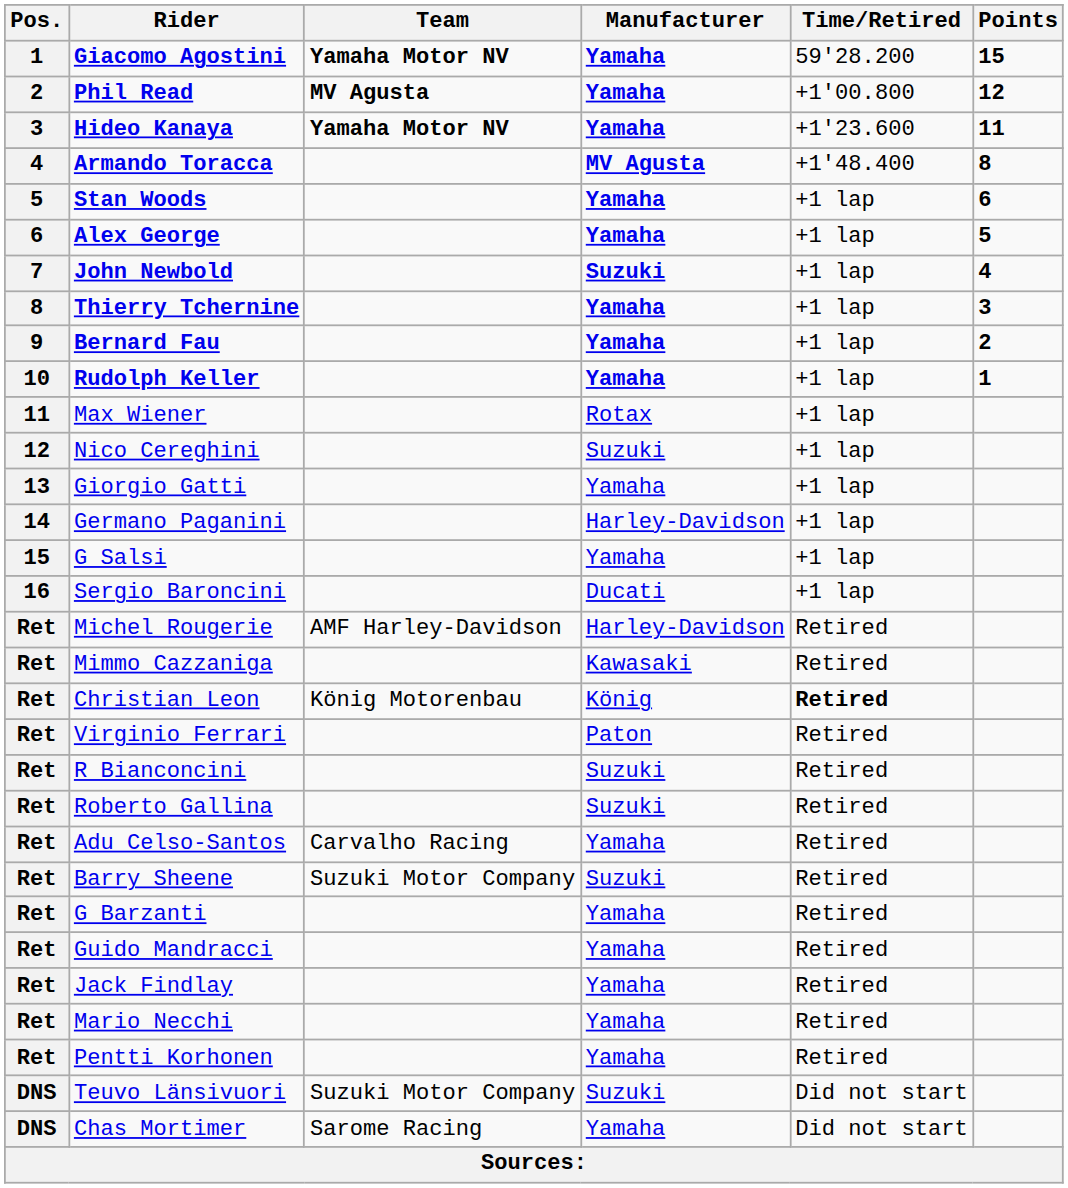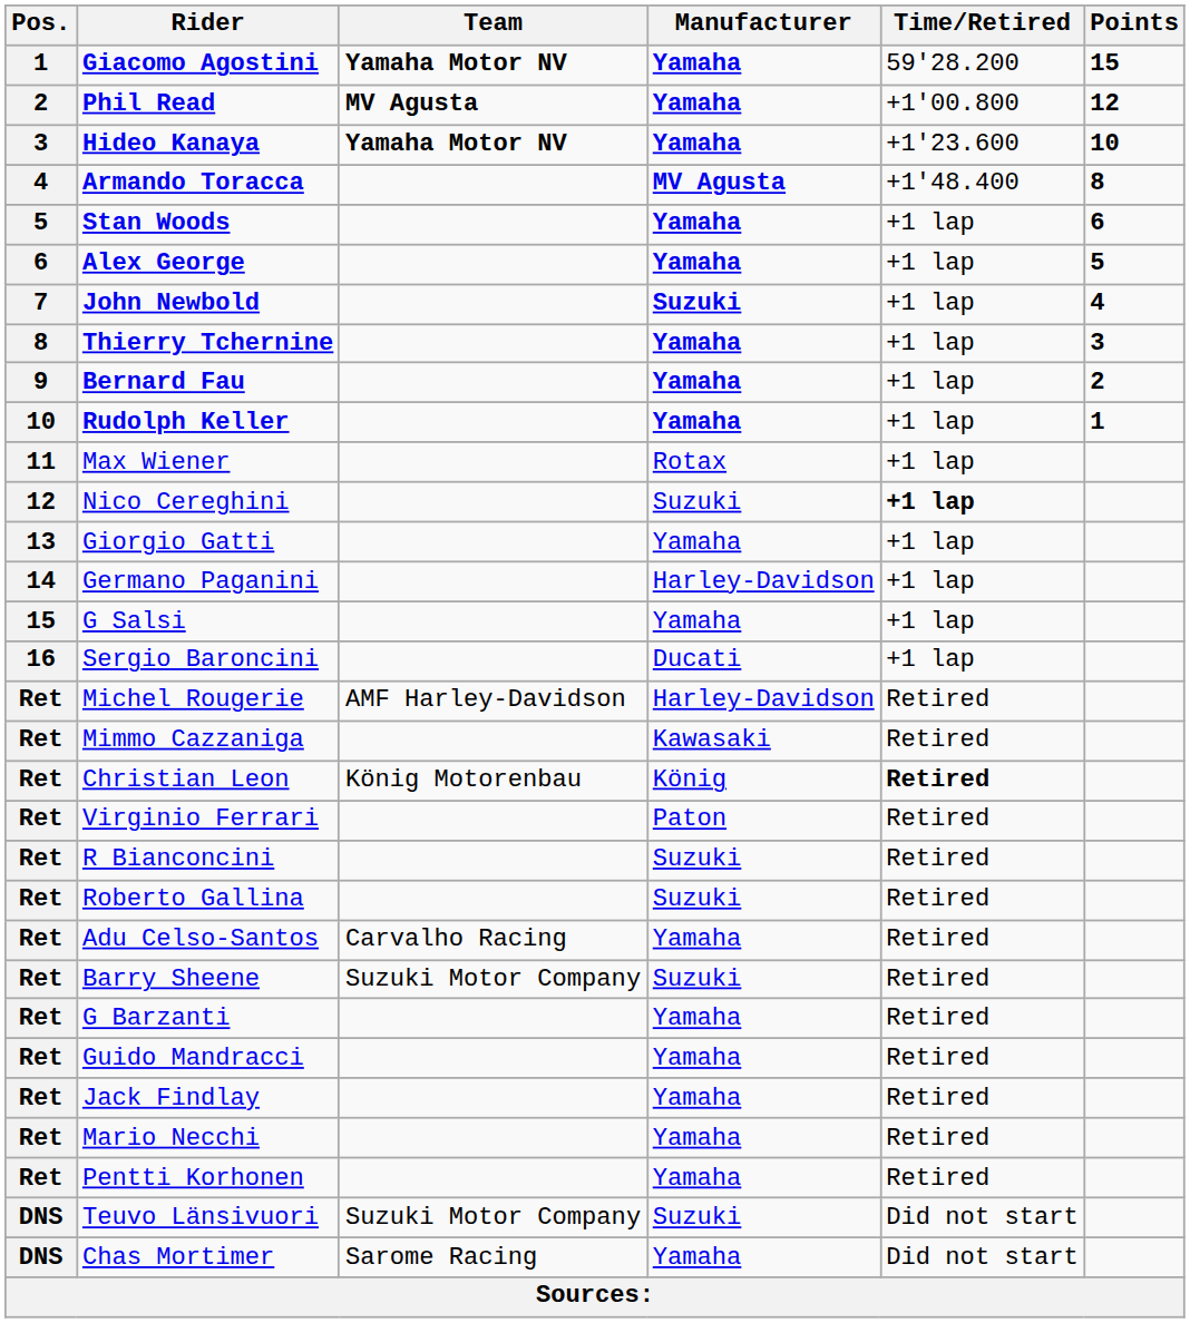 <table class="wikitable" style="font-size: 95%;">
 <tr>
 <th>Pos.</th>
 <th>Rider</th>
 <th>Team</th>
 <th>Manufacturer</th>
 <th>Time/Retired</th>
 <th>Points</th>
 </tr>
 <tr>
 <th>1</th>
 <td> <strong><a href='#'>Giacomo Agostini</a></strong></td>
 <td><strong>Yamaha Motor NV</strong></td>
 <td><strong><a href='#'>Yamaha</a></strong></td>
 <td>59'28.200</td>
 <td><strong>15</strong></td>
 </tr>
 <tr>
 <th>2</th>
 <td> <strong><a href='#'>Phil Read</a></strong></td>
 <td><strong>MV Agusta</strong></td>
 <td><strong><a href='#'>Yamaha</a></strong></td>
 <td>+1'00.800</td>
 <td><strong>12</strong></td>
 </tr>
 <tr>
 <th>3</th>
 <td> <strong><a href='#'>Hideo Kanaya</a></strong></td>
 <td><strong>Yamaha Motor NV</strong></td>
 <td><strong><a href='#'>Yamaha</a></strong></td>
 <td>+1'23.600</td>
-<td><strong>11</strong></td>
+<td><strong>10</strong></td>
 </tr>
 <tr>
 <th>4</th>
 <td> <strong><a href='#'>Armando Toracca</a></strong></td>
 <td></td>
 <td><strong><a href='#'>MV Agusta</a></strong></td>
 <td>+1'48.400</td>
 <td><strong>8</strong></td>
 </tr>
 <tr>
 <th>5</th>
 <td> <strong><a href='#'>Stan Woods</a></strong></td>
 <td></td>
 <td><strong><a href='#'>Yamaha</a></strong></td>
 <td>+1 lap</td>
 <td><strong>6</strong></td>
 </tr>
 <tr>
 <th>6</th>
 <td> <strong><a href='#'>Alex George</a></strong></td>
 <td></td>
 <td><strong><a href='#'>Yamaha</a></strong></td>
 <td>+1 lap</td>
 <td><strong>5</strong></td>
 </tr>
 <tr>
 <th>7</th>
 <td> <strong><a href='#'>John Newbold</a></strong></td>
 <td></td>
 <td><strong><a href='#'>Suzuki</a></strong></td>
 <td>+1 lap</td>
 <td><strong>4</strong></td>
 </tr>
 <tr>
 <th>8</th>
 <td> <strong><a href='#'>Thierry Tchernine</a></strong></td>
 <td></td>
 <td><strong><a href='#'>Yamaha</a></strong></td>
 <td>+1 lap</td>
 <td><strong>3</strong></td>
 </tr>
 <tr>
 <th>9</th>
 <td> <strong><a href='#'>Bernard Fau</a></strong></td>
 <td></td>
 <td><strong><a href='#'>Yamaha</a></strong></td>
 <td>+1 lap</td>
 <td><strong>2</strong></td>
 </tr>
 <tr>
 <th>10</th>
 <td> <strong><a href='#'>Rudolph Keller</a></strong></td>
 <td></td>
 <td><strong><a href='#'>Yamaha</a></strong></td>
 <td>+1 lap</td>
 <td><strong>1</strong></td>
 </tr>
 <tr>
 <th>11</th>
 <td> <a href='#'>Max Wiener</a></td>
 <td></td>
 <td><a href='#'>Rotax</a></td>
 <td>+1 lap</td>
 <td></td>
 </tr>
 <tr>
 <th>12</th>
 <td> <a href='#'>Nico Cereghini</a></td>
 <td></td>
 <td><a href='#'>Suzuki</a></td>
-<td>+1 lap</td>
+<td><strong>+1 lap</strong></td>
 <td></td>
 </tr>
 <tr>
 <th>13</th>
 <td> <a href='#'>Giorgio Gatti</a></td>
 <td></td>
 <td><a href='#'>Yamaha</a></td>
 <td>+1 lap</td>
 <td></td>
 </tr>
 <tr>
 <th>14</th>
 <td> <a href='#'>Germano Paganini</a></td>
 <td></td>
 <td><a href='#'>Harley-Davidson</a></td>
 <td>+1 lap</td>
 <td></td>
 </tr>
 <tr>
 <th>15</th>
 <td> <a href='#'>G Salsi</a></td>
 <td></td>
 <td><a href='#'>Yamaha</a></td>
 <td>+1 lap</td>
 <td></td>
 </tr>
 <tr>
 <th>16</th>
 <td> <a href='#'>Sergio Baroncini</a></td>
 <td></td>
 <td><a href='#'>Ducati</a></td>
 <td>+1 lap</td>
 <td></td>
 </tr>
 <tr>
 <th>Ret</th>
 <td> <a href='#'>Michel Rougerie</a></td>
 <td>AMF Harley-Davidson</td>
 <td><a href='#'>Harley-Davidson</a></td>
 <td>Retired</td>
 <td></td>
 </tr>
 <tr>
 <th>Ret</th>
 <td> <a href='#'>Mimmo Cazzaniga</a></td>
 <td></td>
 <td><a href='#'>Kawasaki</a></td>
 <td>Retired</td>
 <td></td>
 </tr>
 <tr>
 <th>Ret</th>
 <td> <a href='#'>Christian Leon</a></td>
 <td>König Motorenbau</td>
 <td><a href='#'>König</a></td>
 <td><strong>Retired</strong></td>
 <td></td>
 </tr>
 <tr>
 <th>Ret</th>
 <td> <a href='#'>Virginio Ferrari</a></td>
 <td></td>
 <td><a href='#'>Paton</a></td>
 <td>Retired</td>
 <td></td>
 </tr>
 <tr>
 <th>Ret</th>
 <td> <a href='#'>R Bianconcini</a></td>
 <td></td>
 <td><a href='#'>Suzuki</a></td>
 <td>Retired</td>
 <td></td>
 </tr>
 <tr>
 <th>Ret</th>
 <td> <a href='#'>Roberto Gallina</a></td>
 <td></td>
 <td><a href='#'>Suzuki</a></td>
 <td>Retired</td>
 <td></td>
 </tr>
 <tr>
 <th>Ret</th>
 <td> <a href='#'>Adu Celso-Santos</a></td>
 <td>Carvalho Racing</td>
 <td><a href='#'>Yamaha</a></td>
 <td>Retired</td>
 <td></td>
 </tr>
 <tr>
 <th>Ret</th>
 <td> <a href='#'>Barry Sheene</a></td>
 <td>Suzuki Motor Company</td>
 <td><a href='#'>Suzuki</a></td>
 <td>Retired</td>
 <td></td>
 </tr>
 <tr>
 <th>Ret</th>
 <td> <a href='#'>G Barzanti</a></td>
 <td></td>
 <td><a href='#'>Yamaha</a></td>
 <td>Retired</td>
 <td></td>
 </tr>
 <tr>
 <th>Ret</th>
 <td> <a href='#'>Guido Mandracci</a></td>
 <td></td>
 <td><a href='#'>Yamaha</a></td>
 <td>Retired</td>
 <td></td>
 </tr>
 <tr>
 <th>Ret</th>
 <td> <a href='#'>Jack Findlay</a></td>
 <td></td>
 <td><a href='#'>Yamaha</a></td>
 <td>Retired</td>
 <td></td>
 </tr>
 <tr>
 <th>Ret</th>
 <td> <a href='#'>Mario Necchi</a></td>
 <td></td>
 <td><a href='#'>Yamaha</a></td>
 <td>Retired</td>
 <td></td>
 </tr>
 <tr>
 <th>Ret</th>
 <td> <a href='#'>Pentti Korhonen</a></td>
 <td></td>
 <td><a href='#'>Yamaha</a></td>
 <td>Retired</td>
 <td></td>
 </tr>
 <tr>
 <th>DNS</th>
 <td> <a href='#'>Teuvo Länsivuori</a></td>
 <td>Suzuki Motor Company</td>
 <td><a href='#'>Suzuki</a></td>
 <td>Did not start</td>
 <td></td>
 </tr>
 <tr>
 <th>DNS</th>
 <td> <a href='#'>Chas Mortimer</a></td>
 <td>Sarome Racing</td>
 <td><a href='#'>Yamaha</a></td>
 <td>Did not start</td>
 <td></td>
 </tr>
 <tr>
 <th colspan=9>Sources:</th>
 </tr>
 </table>
